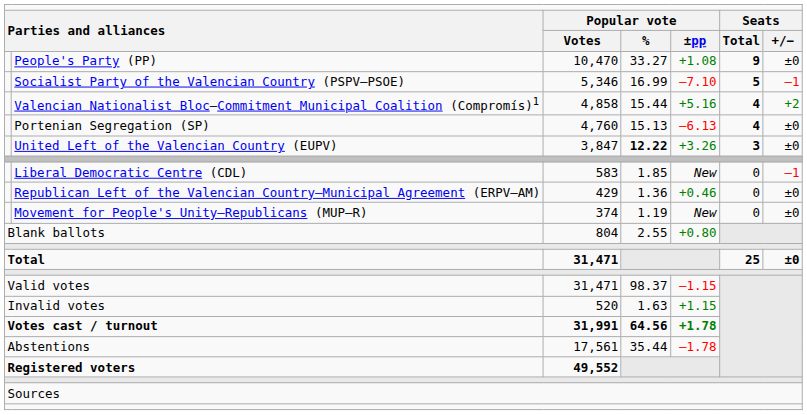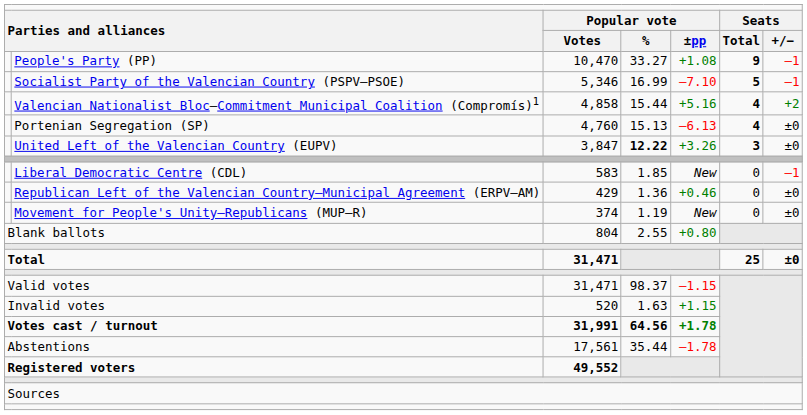 <table class="wikitable" style="text-align:right;">
 <tr>
 <td colspan="7"></td>
 </tr>
 <tr>
 <th style="text-align:left;" rowspan="2" colspan="2" width="525">Parties and alliances</th>
 <th colspan="3">Popular vote</th>
 <th colspan="2">Seats</th>
 </tr>
 <tr>
 <th width="75">Votes</th>
 <th width="45">%</th>
 <th width="45">±<a href='#'>pp</a></th>
 <th width="35">Total</th>
 <th width="35">+/−</th>
 </tr>
 <tr>
 <td width="1" style="color:inherit;background:"></td>
 <td align="left"><a href='#'>People's Party</a> (PP)</td>
 <td>10,470</td>
 <td>33.27</td>
 <td style="color:green;">+1.08</td>
 <td><strong>9</strong></td>
-<td>±0</td>
+<td style="color:red;">–1</td>
 </tr>
 <tr>
 <td style="color:inherit;background:"></td>
 <td align="left"><a href='#'>Socialist Party of the Valencian Country</a> (PSPV–PSOE)</td>
 <td>5,346</td>
 <td>16.99</td>
 <td style="color:red;">–7.10</td>
 <td><strong>5</strong></td>
 <td style="color:red;">–1</td>
 </tr>
 <tr>
 <td style="color:inherit;background:"></td>
 <td align="left"><a href='#'>Valencian Nationalist Bloc</a>–<a href='#'>Commitment Municipal Coalition</a> (Compromís)<sup>1</sup></td>
 <td>4,858</td>
 <td>15.44</td>
 <td style="color:green;">+5.16</td>
 <td><strong>4</strong></td>
 <td style="color:green;">+2</td>
 </tr>
 <tr>
 <td style="color:inherit;background:"></td>
 <td align="left">Portenian Segregation (SP)</td>
 <td>4,760</td>
 <td>15.13</td>
 <td style="color:red;">–6.13</td>
 <td><strong>4</strong></td>
 <td>±0</td>
 </tr>
 <tr>
 <td style="color:inherit;background:"></td>
 <td align="left"><a href='#'>United Left of the Valencian Country</a> (EUPV)</td>
 <td>3,847</td>
 <td><strong>12.22</strong></td>
 <td style="color:green;">+3.26</td>
 <td><strong>3</strong></td>
 <td>±0</td>
 </tr>
 <tr>
 <td colspan="7" bgcolor="#C0C0C0"></td>
 </tr>
 <tr>
 <td style="color:inherit;background:"></td>
 <td align="left"><a href='#'>Liberal Democratic Centre</a> (CDL)</td>
 <td>583</td>
 <td>1.85</td>
 <td><em>New</em></td>
 <td>0</td>
 <td style="color:red;">–1</td>
 </tr>
 <tr>
 <td style="color:inherit;background:"></td>
 <td align="left"><a href='#'>Republican Left of the Valencian Country–Municipal Agreement</a> (ERPV–AM)</td>
 <td>429</td>
 <td>1.36</td>
 <td style="color:green;">+0.46</td>
 <td>0</td>
 <td>±0</td>
 </tr>
 <tr>
 <td style="color:inherit;background:"></td>
 <td align="left"><a href='#'>Movement for People's Unity–Republicans</a> (MUP–R)</td>
 <td>374</td>
 <td>1.19</td>
 <td><em>New</em></td>
 <td>0</td>
 <td>±0</td>
 </tr>
 <tr>
 <td align="left" colspan="2">Blank ballots</td>
 <td>804</td>
 <td>2.55</td>
 <td style="color:green;">+0.80</td>
 <td bgcolor="#E9E9E9" colspan="2"></td>
 </tr>
 <tr>
 <td colspan="7" bgcolor="#E9E9E9"></td>
 </tr>
 <tr style="font-weight:bold;">
 <td align="left" colspan="2">Total</td>
 <td>31,471</td>
 <td bgcolor="#E9E9E9" colspan="2"></td>
 <td>25</td>
 <td>±0</td>
 </tr>
 <tr>
 <td colspan="7" bgcolor="#E9E9E9"></td>
 </tr>
 <tr>
 <td align="left" colspan="2">Valid votes</td>
 <td>31,471</td>
 <td>98.37</td>
 <td style="color:red;">–1.15</td>
 <td bgcolor="#E9E9E9" colspan="2" rowspan="5"></td>
 </tr>
 <tr>
 <td align="left" colspan="2">Invalid votes</td>
 <td>520</td>
 <td>1.63</td>
 <td style="color:green;">+1.15</td>
 </tr>
 <tr style="font-weight:bold;">
 <td align="left" colspan="2">Votes cast / turnout</td>
 <td>31,991</td>
 <td>64.56</td>
 <td style="color:green;">+1.78</td>
 </tr>
 <tr>
 <td align="left" colspan="2">Abstentions</td>
 <td>17,561</td>
 <td>35.44</td>
 <td style="color:red;">–1.78</td>
 </tr>
 <tr style="font-weight:bold;">
 <td align="left" colspan="2">Registered voters</td>
 <td>49,552</td>
 <td bgcolor="#E9E9E9" colspan="2"></td>
 </tr>
 <tr>
 <td colspan="7" bgcolor="#E9E9E9"></td>
 </tr>
 <tr>
 <td align="left" colspan="7">Sources</td>
 </tr>
 <tr>
 <td colspan="7" style="text-align:left; max-width:790px;"></td>
 </tr>
 </table>
